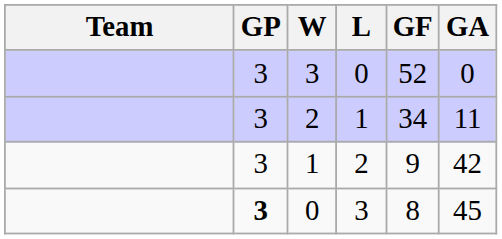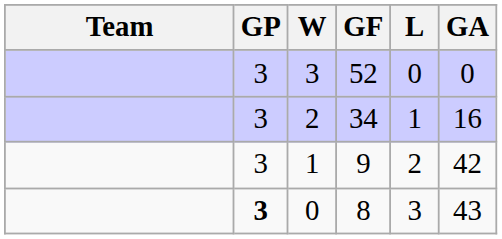 <table class="wikitable" style="text-align:center">
 <tr>
 <th width="120">Team</th>
 <th width="20">GP</th>
 <th width="20">W</th>
+<th width="20">GF</th>
 <th width="20">L</th>
-<th width="20">GF</th>
 <th width="20">GA</th>
 </tr>
 <tr bgcolor="ccccff">
 <td align=left></td>
 <td>3</td>
 <td>3</td>
+<td>52</td>
 <td>0</td>
-<td>52</td>
 <td>0</td>
 </tr>
 <tr bgcolor="ccccff">
 <td align=left></td>
 <td>3</td>
 <td>2</td>
+<td>34</td>
 <td>1</td>
-<td>34</td>
-<td>11</td>
+<td>16</td>
 </tr>
 <tr>
 <td align=left></td>
 <td>3</td>
 <td>1</td>
+<td>9</td>
 <td>2</td>
-<td>9</td>
 <td>42</td>
 </tr>
 <tr>
 <td align=left></td>
 <td><strong>3</strong></td>
 <td>0</td>
+<td>8</td>
 <td>3</td>
-<td>8</td>
-<td>45</td>
+<td>43</td>
 </tr>
 </table>
